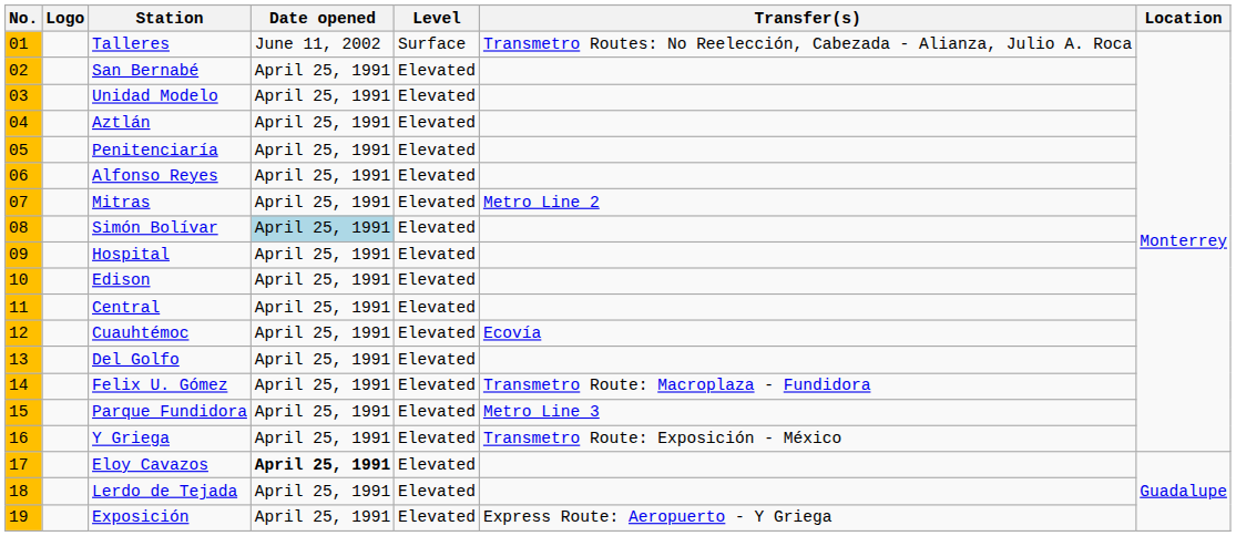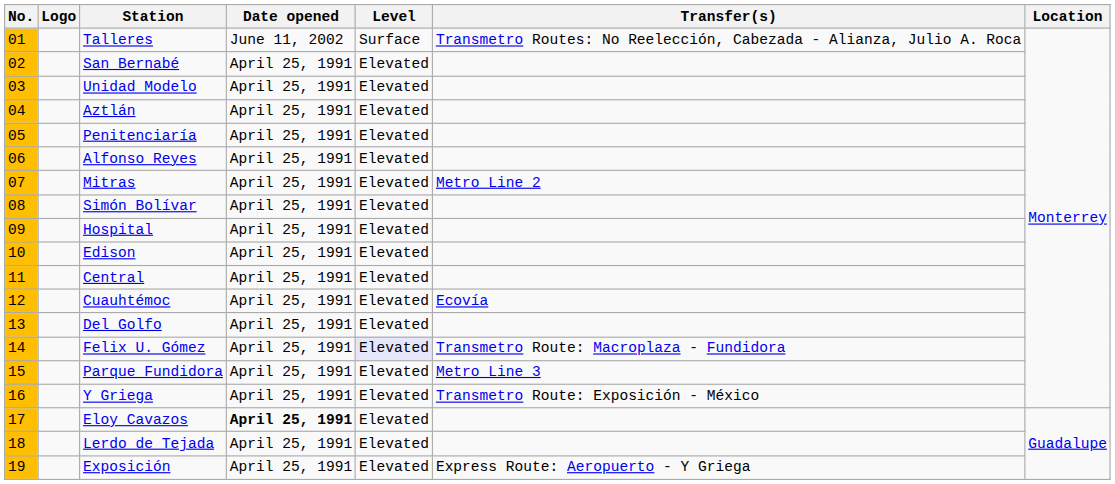 <table class="wikitable" rules="all">
 <tr>
 <th>No.</th>
 <th>Logo</th>
 <th>Station</th>
 <th>Date opened</th>
 <th>Level</th>
 <th>Transfer(s)</th>
 <th>Location</th>
 </tr>
 <tr>
 <td style="background: #ffbf00; color: black;">01</td>
 <td align=center></td>
 <td><a href='#'>Talleres</a></td>
 <td>June 11, 2002</td>
 <td>Surface</td>
 <td><a href='#'>Transmetro</a> Routes: No Reelección, Cabezada - Alianza,	Julio A. Roca</td>
 <td rowspan="16"><a href='#'>Monterrey</a></td>
 </tr>
 <tr>
 <td style="background: #ffbf00; color: black;">02</td>
 <td align=center></td>
 <td><a href='#'>San Bernabé</a></td>
 <td>April 25, 1991</td>
 <td>Elevated</td>
 <td></td>
 </tr>
 <tr>
 <td style="background: #ffbf00; color: black;">03</td>
 <td align=center></td>
 <td><a href='#'>Unidad Modelo</a></td>
 <td>April 25, 1991</td>
 <td>Elevated</td>
 <td></td>
 </tr>
 <tr>
 <td style="background: #ffbf00; color: black;">04</td>
 <td align=center></td>
 <td><a href='#'>Aztlán</a></td>
 <td>April 25, 1991</td>
 <td>Elevated</td>
 <td></td>
 </tr>
 <tr>
 <td style="background: #ffbf00; color: black;">05</td>
 <td align=center></td>
 <td><a href='#'>Penitenciaría</a></td>
 <td>April 25, 1991</td>
 <td>Elevated</td>
 <td></td>
 </tr>
 <tr>
 <td style="background: #ffbf00; color: black;">06</td>
 <td align=center></td>
 <td><a href='#'>Alfonso Reyes</a></td>
 <td>April 25, 1991</td>
 <td>Elevated</td>
 <td></td>
 </tr>
 <tr>
 <td style="background: #ffbf00; color: black;">07</td>
 <td align=center></td>
 <td><a href='#'>Mitras</a></td>
 <td>April 25, 1991</td>
 <td>Elevated</td>
 <td> <a href='#'>Metro Line 2</a></td>
 </tr>
 <tr>
 <td style="background: #ffbf00; color: black;">08</td>
 <td align=center></td>
 <td><a href='#'>Simón Bolívar</a></td>
-<td style="background: lightblue;">April 25, 1991</td>
+<td>April 25, 1991</td>
 <td>Elevated</td>
 <td></td>
 </tr>
 <tr>
 <td style="background: #ffbf00; color: black;">09</td>
 <td align=center></td>
 <td><a href='#'>Hospital</a></td>
 <td>April 25, 1991</td>
 <td>Elevated</td>
 <td></td>
 </tr>
 <tr>
 <td style="background: #ffbf00; color: black;">10</td>
 <td align=center></td>
 <td><a href='#'>Edison</a></td>
 <td>April 25, 1991</td>
 <td>Elevated</td>
 <td></td>
 </tr>
 <tr>
 <td style="background: #ffbf00; color: black;">11</td>
 <td align=center></td>
 <td><a href='#'>Central</a></td>
 <td>April 25, 1991</td>
 <td>Elevated</td>
 <td></td>
 </tr>
 <tr>
 <td style="background: #ffbf00; color: black;">12</td>
 <td align=center></td>
 <td><a href='#'>Cuauhtémoc</a></td>
 <td>April 25, 1991</td>
 <td>Elevated</td>
 <td><a href='#'>Ecovía</a></td>
 </tr>
 <tr>
 <td style="background: #ffbf00; color: black;">13</td>
 <td align=center></td>
 <td><a href='#'>Del Golfo</a></td>
 <td>April 25, 1991</td>
 <td>Elevated</td>
 <td></td>
 </tr>
 <tr>
 <td style="background: #ffbf00; color: black;">14</td>
 <td align=center></td>
 <td><a href='#'>Felix U. Gómez</a></td>
 <td>April 25, 1991</td>
-<td>Elevated</td>
+<td style="background: lavender;">Elevated</td>
 <td><a href='#'>Transmetro</a> Route: <a href='#'>Macroplaza</a> - <a href='#'>Fundidora</a></td>
 </tr>
 <tr>
 <td style="background: #ffbf00; color: black;">15</td>
 <td align=center></td>
 <td><a href='#'>Parque Fundidora</a></td>
 <td>April 25, 1991</td>
 <td>Elevated</td>
 <td><a href='#'>Metro Line 3</a></td>
 </tr>
 <tr>
 <td style="background: #ffbf00; color: black;">16</td>
 <td align=center></td>
 <td><a href='#'>Y Griega</a></td>
 <td>April 25, 1991</td>
 <td>Elevated</td>
 <td><a href='#'>Transmetro</a> Route: Exposición - México</td>
 </tr>
 <tr>
 <td style="background: #ffbf00; color: black;">17</td>
 <td align=center></td>
 <td><a href='#'>Eloy Cavazos</a></td>
 <td><strong>April 25, 1991</strong></td>
 <td>Elevated</td>
 <td></td>
 <td rowspan=3><a href='#'>Guadalupe</a></td>
 </tr>
 <tr>
 <td style="background: #ffbf00; color: black;">18</td>
 <td align=center></td>
 <td><a href='#'>Lerdo de Tejada</a></td>
 <td>April 25, 1991</td>
 <td>Elevated</td>
 <td></td>
 </tr>
 <tr>
 <td style="background: #ffbf00; color: black;">19</td>
 <td align=center></td>
 <td><a href='#'>Exposición</a></td>
 <td>April 25, 1991</td>
 <td>Elevated</td>
 <td>Express Route: <a href='#'>Aeropuerto</a> - Y Griega </td>
 </tr>
 </table>
